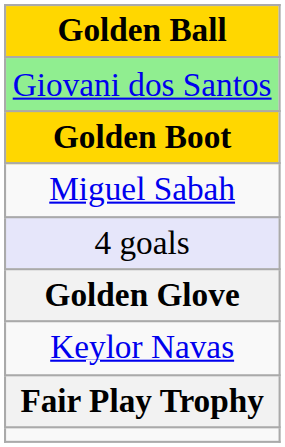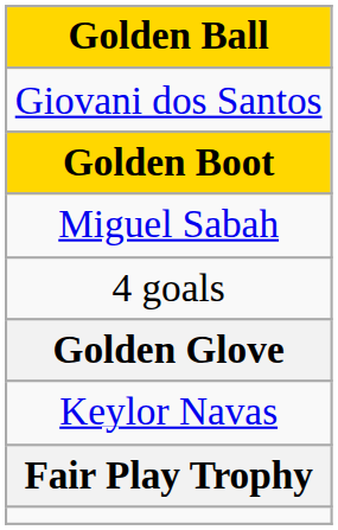 <table class="wikitable" style="text-align:center">
 <tr>
 <th scope=col style="background-color: gold">Golden Ball</th>
 </tr>
 <tr>
-<td style="background: lightgreen;"> <a href='#'>Giovani dos Santos</a></td>
+<td> <a href='#'>Giovani dos Santos</a></td>
 </tr>
 <tr>
 <th scope=col style="background-color: gold">Golden Boot</th>
 </tr>
 <tr>
 <td> <a href='#'>Miguel Sabah</a></td>
 </tr>
 <tr>
-<td style="background: lavender;">4 goals</td>
+<td>4 goals</td>
 </tr>
 <tr>
 <th colspan="3">Golden Glove</th>
 </tr>
 <tr>
 <td colspan="3"> <a href='#'>Keylor Navas</a></td>
 </tr>
 <tr>
 <th colspan="3">Fair Play Trophy</th>
 </tr>
 <tr>
 <td colspan="3"></td>
 </tr>
 </table>
